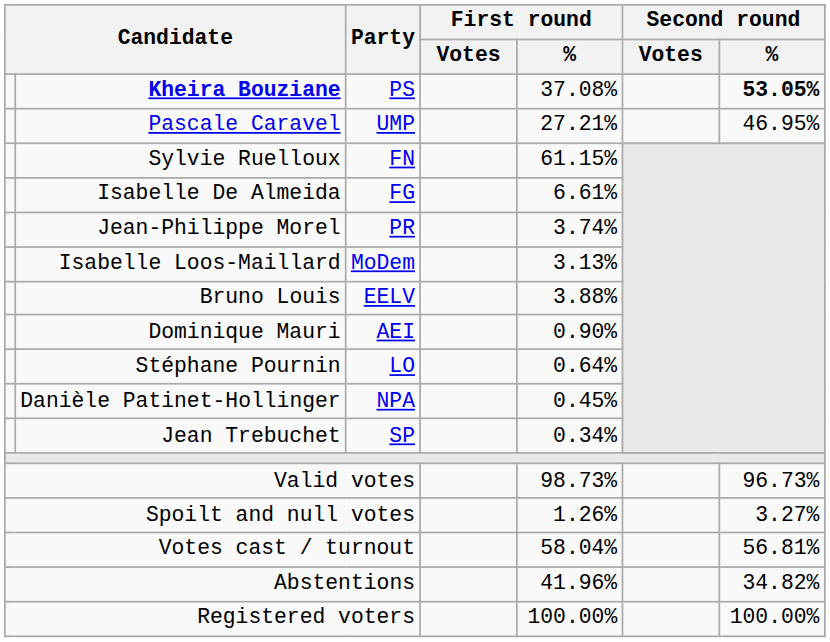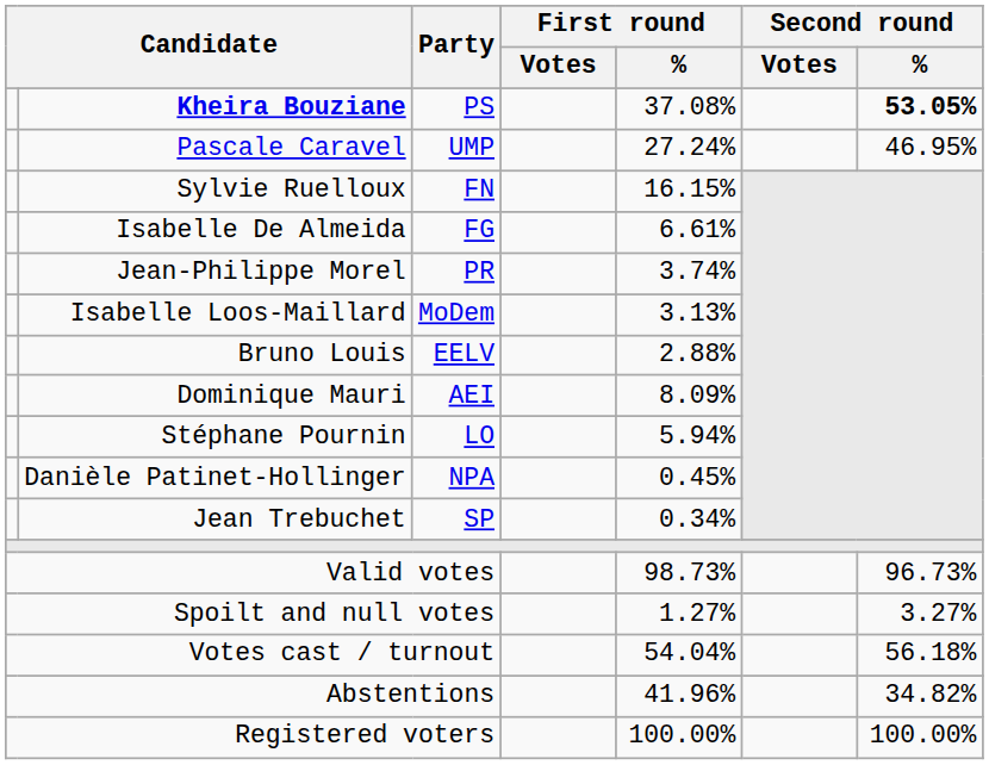 <table class="wikitable" style="text-align:right;font-size:95%;">
 <tr>
 <th rowspan=2 colspan=2>Candidate</th>
 <th rowspan=2 colspan=1>Party</th>
 <th colspan=2>First round</th>
 <th colspan=2>Second round</th>
 </tr>
 <tr>
 <th style="width:50px;">Votes</th>
 <th style="width:55px;">%</th>
 <th style="width:50px;">Votes</th>
 <th style="width:55px;">%</th>
 </tr>
 <tr>
 <td style="color:inherit;background-color:"></td>
 <td><strong><a href='#'>Kheira Bouziane</a></strong></td>
 <td><a href='#'>PS</a></td>
 <td></td>
 <td>37.08%</td>
 <td><strong></strong></td>
 <td><strong>53.05%</strong></td>
 </tr>
 <tr>
 <td style="color:inherit;background-color:"></td>
 <td><a href='#'>Pascale Caravel</a></td>
 <td><a href='#'>UMP</a></td>
 <td></td>
-<td>27.21%</td>
+<td>27.24%</td>
 <td></td>
 <td>46.95%</td>
 </tr>
 <tr>
 <td style="color:inherit;background-color:"></td>
 <td>Sylvie Ruelloux</td>
 <td><a href='#'>FN</a></td>
 <td></td>
-<td>61.15%</td>
+<td>16.15%</td>
 <td colspan=7 rowspan=9 style="background-color:#E9E9E9;"></td>
 </tr>
 <tr>
 <td style="color:inherit;background-color:"></td>
 <td>Isabelle De Almeida</td>
 <td><a href='#'>FG</a></td>
 <td></td>
 <td>6.61%</td>
 </tr>
 <tr>
 <td style="color:inherit;background-color:"></td>
 <td>Jean-Philippe Morel</td>
 <td><a href='#'>PR</a></td>
 <td></td>
 <td>3.74%</td>
 </tr>
 <tr>
 <td style="color:inherit;background-color:"></td>
 <td>Isabelle Loos-Maillard</td>
 <td><a href='#'>MoDem</a></td>
 <td></td>
 <td>3.13%</td>
 </tr>
 <tr>
 <td style="color:inherit;background-color:"></td>
 <td>Bruno Louis</td>
 <td><a href='#'>EELV</a></td>
 <td></td>
-<td>3.88%</td>
+<td>2.88%</td>
 </tr>
 <tr>
 <td style="color:inherit;background-color:"></td>
 <td>Dominique Mauri</td>
 <td><a href='#'>AEI</a></td>
 <td></td>
-<td>0.90%</td>
+<td>8.09%</td>
 </tr>
 <tr>
 <td style="color:inherit;background-color:"></td>
 <td>Stéphane Pournin</td>
 <td><a href='#'>LO</a></td>
 <td></td>
-<td>0.64%</td>
+<td>5.94%</td>
 </tr>
 <tr>
 <td style="color:inherit;background-color:"></td>
 <td>Danièle Patinet-Hollinger</td>
 <td><a href='#'>NPA</a></td>
 <td></td>
 <td>0.45%</td>
 </tr>
 <tr>
 <td style="color:inherit;background-color:"></td>
 <td>Jean Trebuchet</td>
 <td><a href='#'>SP</a></td>
 <td></td>
 <td>0.34%</td>
 </tr>
 <tr>
 <td colspan=7 style="background-color:#E9E9E9;"></td>
 </tr>
 <tr>
 <td colspan=3>Valid votes</td>
 <td></td>
 <td>98.73%</td>
 <td></td>
 <td>96.73%</td>
 </tr>
 <tr>
 <td colspan=3>Spoilt and null votes</td>
 <td></td>
-<td>1.26%</td>
+<td>1.27%</td>
 <td></td>
 <td>3.27%</td>
 </tr>
 <tr>
 <td colspan=3>Votes cast / turnout</td>
 <td></td>
-<td>58.04%</td>
+<td>54.04%</td>
 <td></td>
-<td>56.81%</td>
+<td>56.18%</td>
 </tr>
 <tr>
 <td colspan=3>Abstentions</td>
 <td></td>
 <td>41.96%</td>
 <td></td>
 <td>34.82%</td>
 </tr>
 <tr>
 <td colspan=3>Registered voters</td>
 <td></td>
 <td>100.00%</td>
 <td></td>
 <td>100.00%</td>
 </tr>
 </table>
